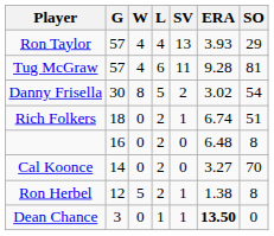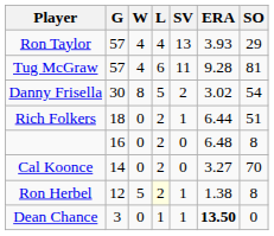 <table class="wikitable sortable">
 <tr>
 <th>Player</th>
 <th>G</th>
 <th>W</th>
 <th>L</th>
 <th>SV</th>
 <th>ERA</th>
 <th>SO</th>
 </tr>
 <tr align="center">
 <td><a href='#'>Ron Taylor</a></td>
 <td>57</td>
 <td>4</td>
 <td>4</td>
 <td>13</td>
 <td>3.93</td>
 <td>29</td>
 </tr>
 <tr align="center">
 <td><a href='#'>Tug McGraw</a></td>
 <td>57</td>
 <td>4</td>
 <td>6</td>
 <td>11</td>
 <td>9.28</td>
 <td>81</td>
 </tr>
 <tr align="center">
 <td><a href='#'>Danny Frisella</a></td>
 <td>30</td>
 <td>8</td>
 <td>5</td>
 <td>2</td>
 <td>3.02</td>
 <td>54</td>
 </tr>
 <tr align="center">
 <td><a href='#'>Rich Folkers</a></td>
 <td>18</td>
 <td>0</td>
 <td>2</td>
 <td>1</td>
-<td>6.74</td>
+<td>6.44</td>
 <td>51</td>
 </tr>
 <tr align="center">
 <td></td>
 <td>16</td>
 <td>0</td>
 <td>2</td>
 <td>0</td>
 <td>6.48</td>
 <td>8</td>
 </tr>
 <tr align="center">
 <td><a href='#'>Cal Koonce</a></td>
 <td>14</td>
 <td>0</td>
 <td>2</td>
 <td>0</td>
 <td>3.27</td>
 <td>70</td>
 </tr>
 <tr align="center">
 <td><a href='#'>Ron Herbel</a></td>
 <td>12</td>
 <td>5</td>
-<td>2</td>
+<td style="background: lightyellow;">2</td>
 <td>1</td>
 <td>1.38</td>
 <td>8</td>
 </tr>
 <tr align="center">
 <td><a href='#'>Dean Chance</a></td>
 <td>3</td>
 <td>0</td>
 <td>1</td>
 <td>1</td>
 <td><strong>13.50</strong></td>
 <td>0</td>
 </tr>
 </table>
